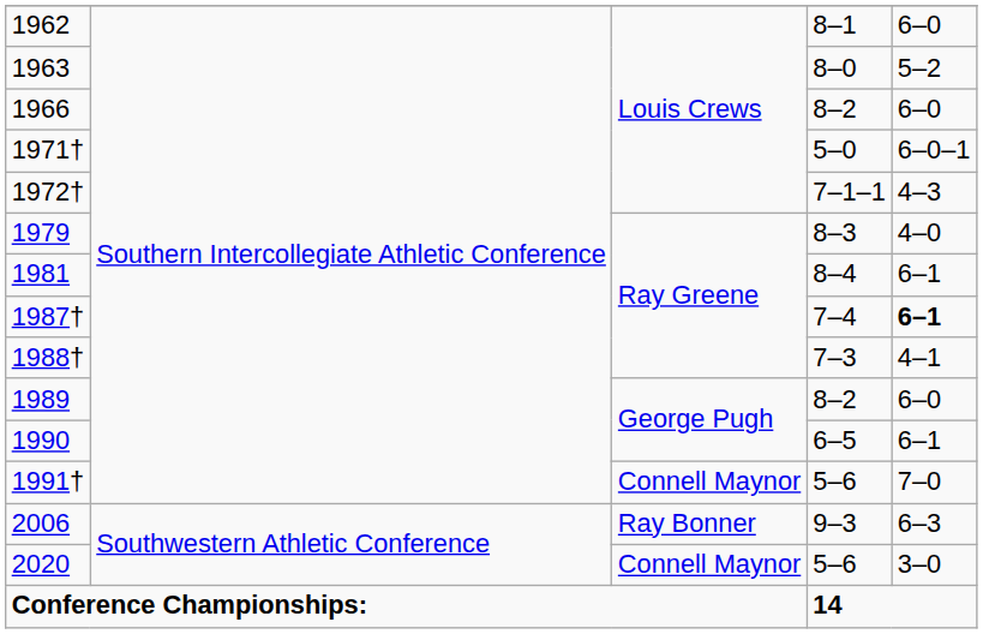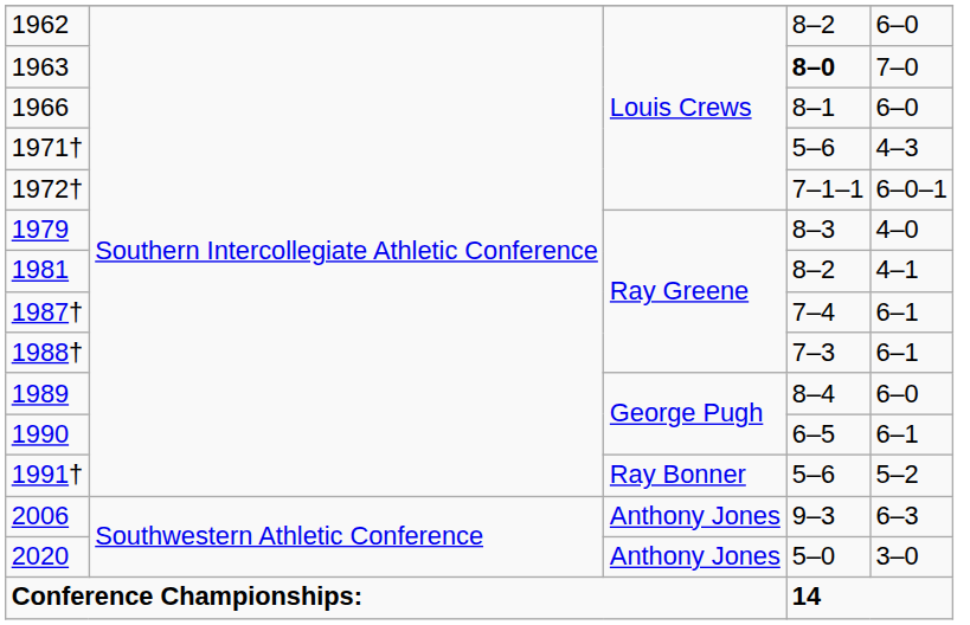 <table class="wikitable">
 <tr>
 </tr>
 <tr>
 <td>1962</td>
 <td rowspan="12"><a href='#'>Southern Intercollegiate Athletic Conference</a></td>
 <td rowspan="5"><a href='#'>Louis Crews</a></td>
+<td>8–2</td>
+<td>6–0</td>
+</tr>
+<tr>
+<td>1963</td>
+<td><strong>8–0</strong></td>
+<td>7–0</td>
+</tr>
+<tr>
+<td>1966</td>
 <td>8–1</td>
 <td>6–0</td>
 </tr>
 <tr>
-<td>1963</td>
-<td>8–0</td>
-<td>5–2</td>
-</tr>
-<tr>
-<td>1966</td>
-<td>8–2</td>
-<td>6–0</td>
-</tr>
-<tr>
 <td>1971†</td>
-<td>5–0</td>
-<td>6–0–1</td>
+<td>5–6</td>
+<td>4–3</td>
 </tr>
 <tr>
 <td>1972†</td>
 <td>7–1–1</td>
-<td>4–3</td>
+<td>6–0–1</td>
 </tr>
 <tr>
 <td><a href='#'>1979</a></td>
 <td rowspan="4"><a href='#'>Ray Greene</a></td>
 <td>8–3</td>
 <td>4–0</td>
 </tr>
 <tr>
 <td><a href='#'>1981</a></td>
-<td>8–4</td>
-<td>6–1</td>
+<td>8–2</td>
+<td>4–1</td>
 </tr>
 <tr>
 <td><a href='#'>1987</a>†</td>
 <td>7–4</td>
-<td><strong>6–1</strong></td>
+<td>6–1</td>
 </tr>
 <tr>
 <td><a href='#'>1988</a>†</td>
 <td>7–3</td>
-<td>4–1</td>
+<td>6–1</td>
 </tr>
 <tr>
 <td><a href='#'>1989</a></td>
 <td rowspan="2"><a href='#'>George Pugh</a></td>
-<td>8–2</td>
+<td>8–4</td>
 <td>6–0</td>
 </tr>
 <tr>
 <td><a href='#'>1990</a></td>
 <td>6–5</td>
 <td>6–1</td>
 </tr>
 <tr>
 <td><a href='#'>1991</a>†</td>
-<td><a href='#'>Connell Maynor</a></td>
+<td><a href='#'>Ray Bonner</a></td>
 <td>5–6</td>
-<td>7–0</td>
+<td>5–2</td>
 </tr>
 <tr>
 <td><a href='#'>2006</a></td>
 <td rowspan="2"><a href='#'>Southwestern Athletic Conference</a></td>
-<td><a href='#'>Ray Bonner</a></td>
+<td><a href='#'>Anthony Jones</a></td>
 <td>9–3</td>
 <td>6–3</td>
 </tr>
 <tr>
 <td><a href='#'>2020</a></td>
-<td><a href='#'>Connell Maynor</a></td>
-<td>5–6</td>
+<td><a href='#'>Anthony Jones</a></td>
+<td>5–0</td>
 <td>3–0</td>
 </tr>
 <tr>
 <td colspan=3><strong>Conference Championships:</strong></td>
 <td colspan=2><strong>14</strong></td>
 </tr>
 </table>
